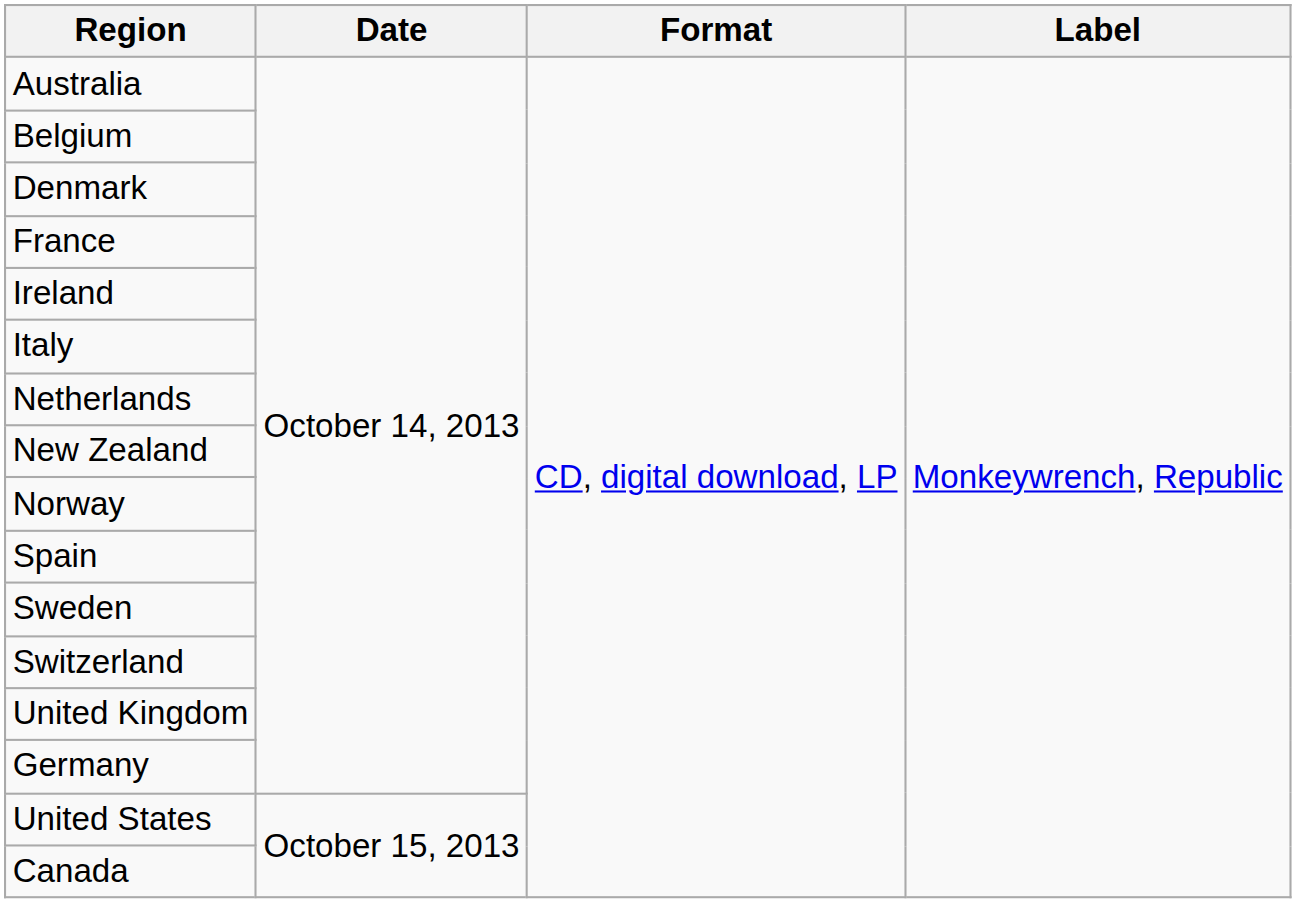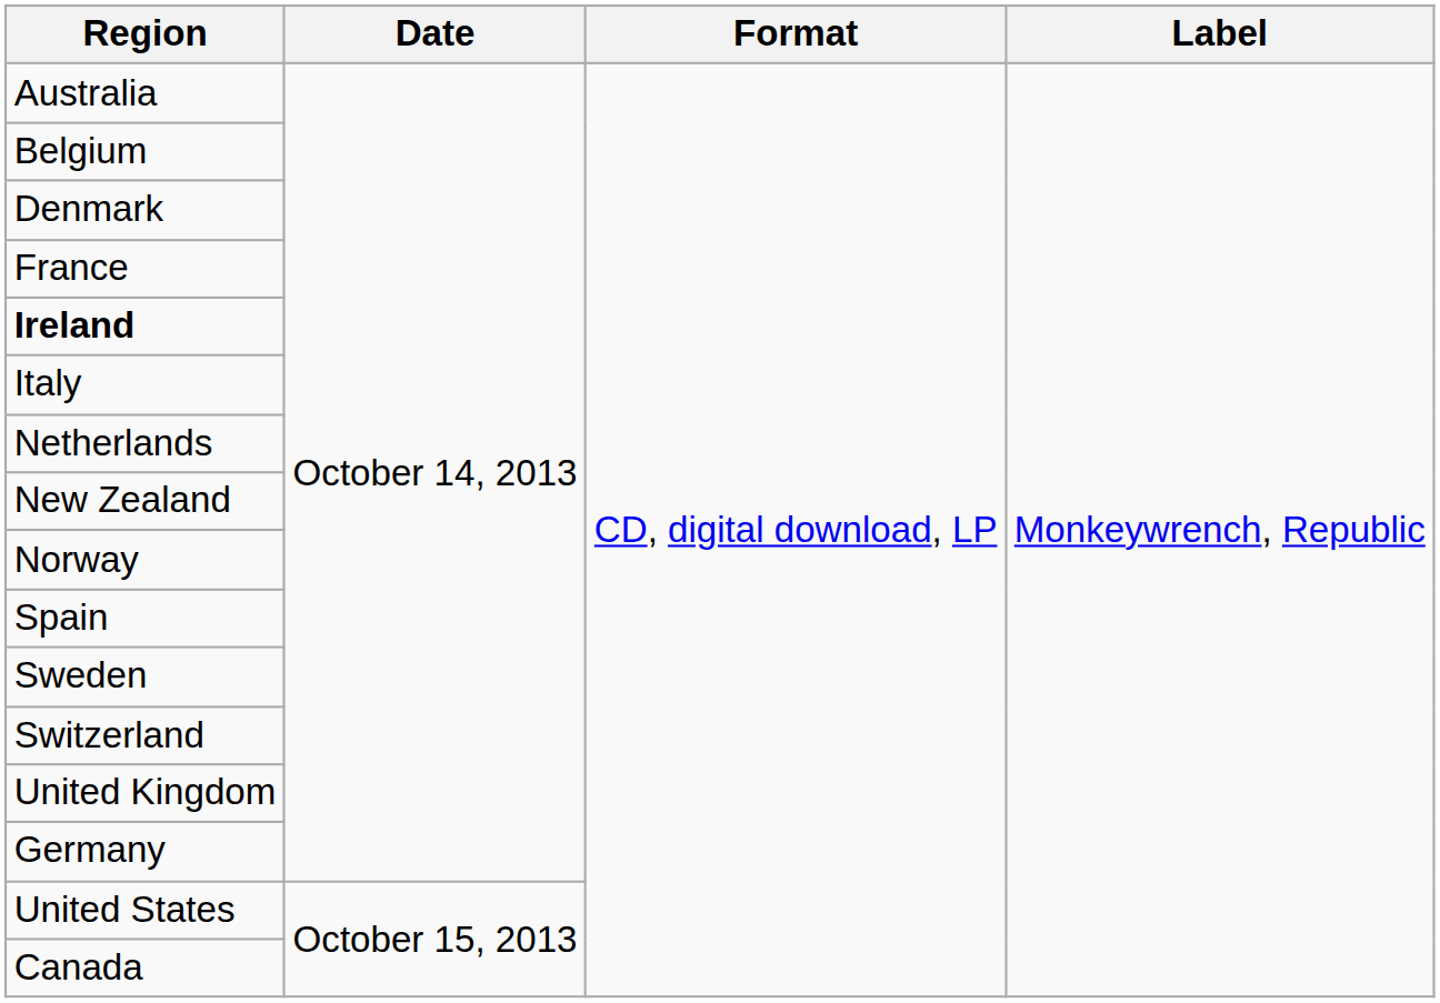 <table class="wikitable">
 <tr>
 <th>Region</th>
 <th>Date</th>
 <th>Format</th>
 <th>Label</th>
 </tr>
 <tr>
 <td>Australia</td>
 <td rowspan="14">October 14, 2013</td>
 <td rowspan="16"><a href='#'>CD</a>, <a href='#'>digital download</a>, <a href='#'>LP</a></td>
 <td rowspan="16"><a href='#'>Monkeywrench</a>, <a href='#'>Republic</a></td>
 </tr>
 <tr>
 <td>Belgium</td>
 </tr>
 <tr>
 <td>Denmark</td>
 </tr>
 <tr>
 <td>France</td>
 </tr>
 <tr>
-<td>Ireland</td>
+<td><strong>Ireland</strong></td>
 </tr>
 <tr>
 <td>Italy</td>
 </tr>
 <tr>
 <td>Netherlands</td>
 </tr>
 <tr>
 <td>New Zealand</td>
 </tr>
 <tr>
 <td>Norway</td>
 </tr>
 <tr>
 <td>Spain</td>
 </tr>
 <tr>
 <td>Sweden</td>
 </tr>
 <tr>
 <td>Switzerland</td>
 </tr>
 <tr>
 <td>United Kingdom</td>
 </tr>
 <tr>
 <td>Germany</td>
 </tr>
 <tr>
 <td>United States</td>
 <td rowspan="2">October 15, 2013</td>
 </tr>
 <tr>
 <td>Canada</td>
 </tr>
 </table>
